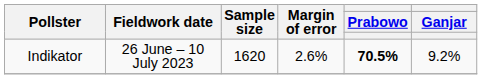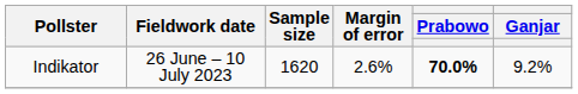 <table class="wikitable" style="text-align:center; font-size:90%; line-height:14px;">
 <tr bgcolor=lightgray>
 <th style="width:95px;" rowspan="3">Pollster</th>
 <th style="width:110px;" rowspan="3">Fieldwork date</th>
 <th style="width:35px;" rowspan="3">Sample size</th>
 <th rowspan="3" style="width:60px;">Margin of error</th>
 <th style="width:60px;"></th>
 <th style="width:60px;"></th>
 </tr>
 <tr>
 <th><a href='#'>Prabowo</a> <br></th>
 <th><a href='#'>Ganjar</a> <br></th>
 </tr>
 <tr>
 <th class="unsortable" style="color:inherit;background:"></th>
 <th class="unsortable" style="color:inherit;background:"></th>
 </tr>
 <tr>
 <td>Indikator</td>
 <td>26 June – 10 July 2023</td>
 <td>1620</td>
 <td>2.6%</td>
-<td style="background-color:#"><strong>70.5%</strong></td>
+<td style="background-color:#"><strong>70.0%</strong></td>
 <td>9.2%</td>
 </tr>
 <tr>
 </tr>
 </table>
